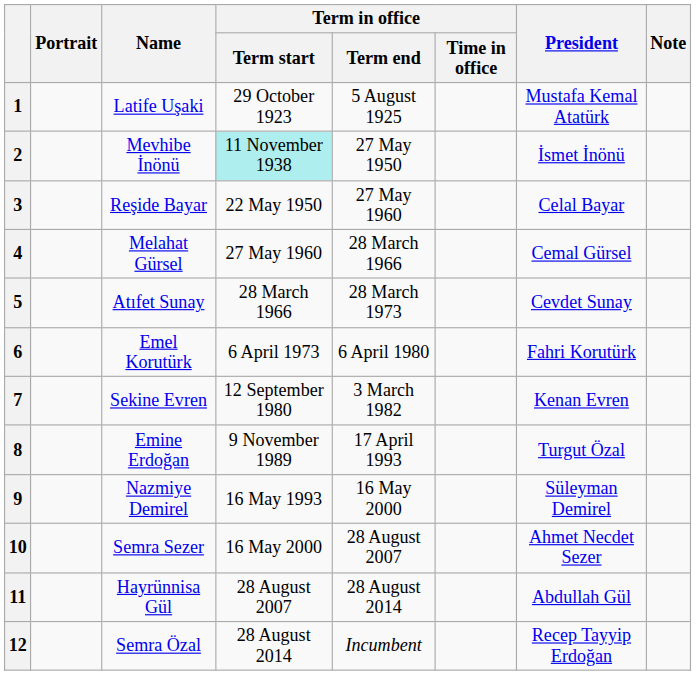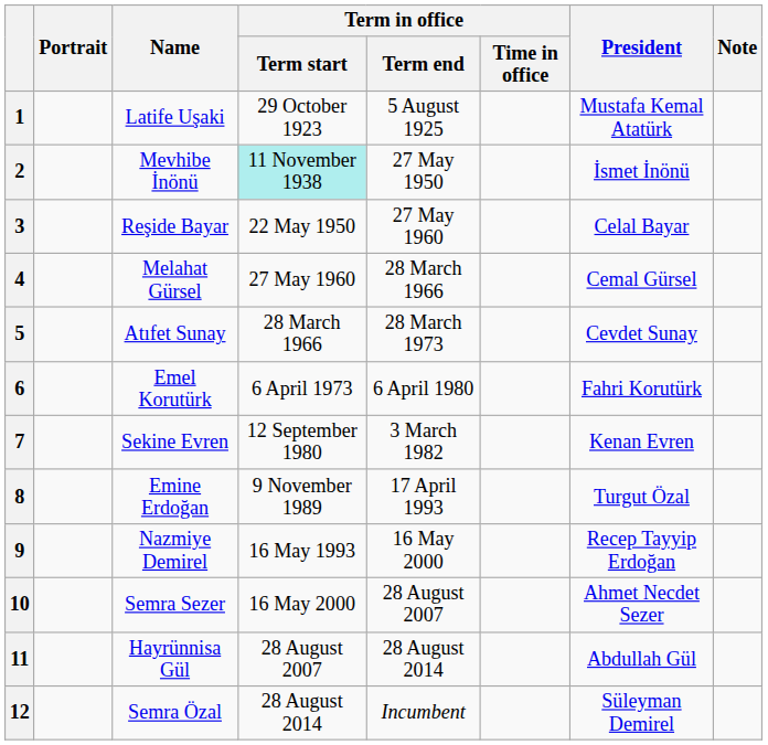 <table class="wikitable" style="text-align:center">
 <tr>
 <th rowspan="2"></th>
 <th rowspan="2">Portrait</th>
 <th rowspan="2">Name<br></th>
 <th colspan="3">Term in office</th>
 <th rowspan="2"><a href='#'>President</a></th>
 <th rowspan="2">Note</th>
 </tr>
 <tr>
 <th>Term start</th>
 <th>Term end</th>
 <th>Time in office</th>
 </tr>
 <tr>
 <th><strong>1</strong></th>
 <td></td>
 <td><a href='#'>Latife Uşaki</a><br></td>
 <td>29 October 1923</td>
 <td>5 August 1925</td>
 <td></td>
 <td><a href='#'>Mustafa Kemal Atatürk</a></td>
 <td></td>
 </tr>
 <tr>
 <th><strong>2</strong></th>
 <td></td>
 <td><a href='#'>Mevhibe İnönü</a><br></td>
 <td style="background: paleturquoise;">11 November 1938</td>
 <td>27 May 1950</td>
 <td></td>
 <td><a href='#'>İsmet İnönü</a></td>
 <td></td>
 </tr>
 <tr>
 <th><strong>3</strong></th>
 <td></td>
 <td><a href='#'>Reşide Bayar</a><br></td>
 <td>22 May 1950</td>
 <td>27 May 1960</td>
 <td></td>
 <td><a href='#'>Celal Bayar</a></td>
 <td></td>
 </tr>
 <tr>
 <th><strong>4</strong></th>
 <td></td>
 <td><a href='#'>Melahat Gürsel</a><br></td>
 <td>27 May 1960</td>
 <td>28 March 1966</td>
 <td></td>
 <td><a href='#'>Cemal Gürsel</a></td>
 <td></td>
 </tr>
 <tr>
 <th><strong>5</strong></th>
 <td></td>
 <td><a href='#'>Atıfet Sunay</a><br></td>
 <td>28 March 1966</td>
 <td>28 March 1973</td>
 <td></td>
 <td><a href='#'>Cevdet Sunay</a></td>
 <td></td>
 </tr>
 <tr>
 <th><strong>6</strong></th>
 <td></td>
 <td><a href='#'>Emel Korutürk</a><br></td>
 <td>6 April 1973</td>
 <td>6 April 1980</td>
 <td></td>
 <td><a href='#'>Fahri Korutürk</a></td>
 <td></td>
 </tr>
 <tr>
 <th><strong>7</strong></th>
 <td></td>
 <td><a href='#'>Sekine Evren</a><br></td>
 <td>12 September 1980</td>
 <td>3 March 1982</td>
 <td></td>
 <td><a href='#'>Kenan Evren</a></td>
 <td></td>
 </tr>
 <tr>
 <th><strong>8</strong></th>
 <td></td>
 <td><a href='#'>Emine Erdoğan</a><br></td>
 <td>9 November 1989</td>
 <td>17 April 1993</td>
 <td></td>
 <td><a href='#'>Turgut Özal</a></td>
 <td></td>
 </tr>
 <tr>
 <th><strong>9</strong></th>
 <td></td>
 <td><a href='#'>Nazmiye Demirel</a><br></td>
 <td>16 May 1993</td>
 <td>16 May 2000</td>
 <td></td>
-<td><a href='#'>Süleyman Demirel</a></td>
+<td><a href='#'>Recep Tayyip Erdoğan</a></td>
 <td></td>
 </tr>
 <tr>
 <th><strong>10</strong></th>
 <td></td>
 <td><a href='#'>Semra Sezer</a><br></td>
 <td>16 May 2000</td>
 <td>28 August 2007</td>
 <td></td>
 <td><a href='#'>Ahmet Necdet Sezer</a></td>
 <td></td>
 </tr>
 <tr>
 <th><strong>11</strong></th>
 <td></td>
 <td><a href='#'>Hayrünnisa Gül</a><br></td>
 <td>28 August 2007</td>
 <td>28 August 2014</td>
 <td></td>
 <td><a href='#'>Abdullah Gül</a></td>
 <td></td>
 </tr>
 <tr>
 <th><strong>12</strong></th>
 <td></td>
 <td><a href='#'>Semra Özal</a><br></td>
 <td>28 August 2014</td>
 <td><em>Incumbent</em><br></td>
 <td></td>
-<td><a href='#'>Recep Tayyip Erdoğan</a></td>
+<td><a href='#'>Süleyman Demirel</a></td>
 <td></td>
 </tr>
 </table>
